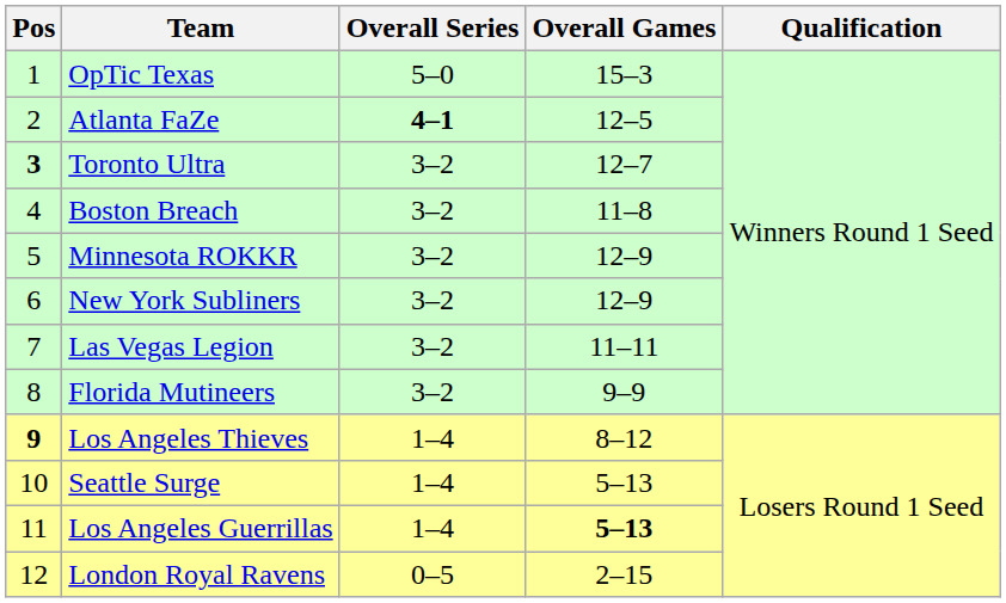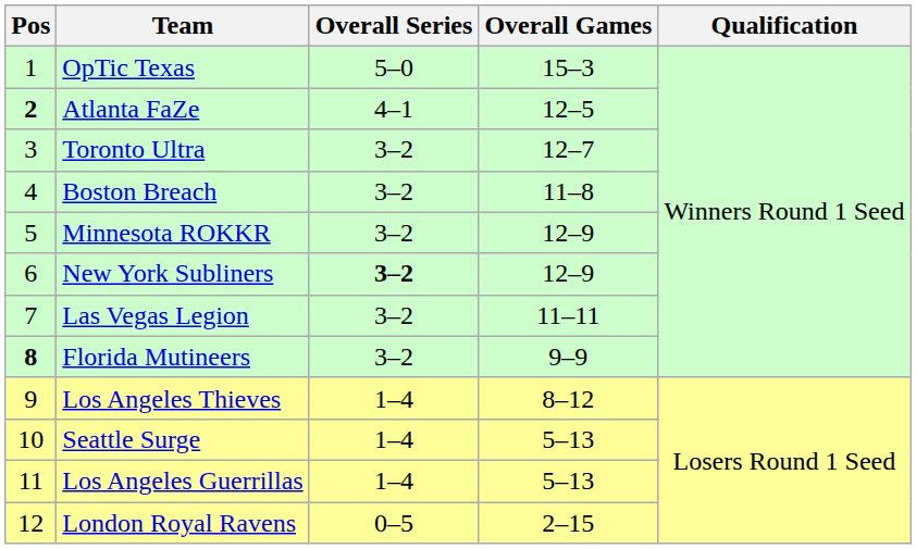 <table class="wikitable" style="text-align:center">
 <tr>
 <th>Pos</th>
 <th>Team</th>
 <th>Overall Series</th>
 <th>Overall Games</th>
 <th>Qualification</th>
 </tr>
 <tr style="background:#CCFFCC">
 <td>1</td>
 <td style="text-align:left"><a href='#'>OpTic Texas</a></td>
 <td>5–0</td>
 <td>15–3</td>
 <td rowspan="8">Winners Round 1 Seed</td>
 </tr>
 <tr style="background:#CCFFCC">
-<td>2</td>
+<td><strong>2</strong></td>
 <td style="text-align:left"><a href='#'>Atlanta FaZe</a></td>
-<td><strong>4–1</strong></td>
+<td>4–1</td>
 <td>12–5</td>
 </tr>
 <tr style="background:#CCFFCC">
-<td><strong>3</strong></td>
+<td>3</td>
 <td style="text-align:left"><a href='#'>Toronto Ultra</a></td>
 <td>3–2</td>
 <td>12–7</td>
 </tr>
 <tr style="background:#CCFFCC">
 <td>4</td>
 <td style="text-align:left"><a href='#'>Boston Breach</a></td>
 <td>3–2</td>
 <td>11–8</td>
 </tr>
 <tr style="background:#CCFFCC">
 <td>5</td>
 <td style="text-align:left"><a href='#'>Minnesota ROKKR</a></td>
 <td>3–2</td>
 <td>12–9</td>
 </tr>
 <tr style="background:#CCFFCC">
 <td>6</td>
 <td style="text-align:left"><a href='#'>New York Subliners</a></td>
-<td>3–2</td>
+<td><strong>3–2</strong></td>
 <td>12–9</td>
 </tr>
 <tr style="background:#CCFFCC">
 <td>7</td>
 <td style="text-align:left"><a href='#'>Las Vegas Legion</a></td>
 <td>3–2</td>
 <td>11–11</td>
 </tr>
 <tr style="background:#CCFFCC">
-<td>8</td>
+<td><strong>8</strong></td>
 <td style="text-align:left"><a href='#'>Florida Mutineers</a></td>
 <td>3–2</td>
 <td>9–9</td>
 </tr>
 <tr style="background:#FFFF99">
-<td><strong>9</strong></td>
+<td>9</td>
 <td style="text-align:left"><a href='#'>Los Angeles Thieves</a></td>
 <td>1–4</td>
 <td>8–12</td>
 <td rowspan="4">Losers Round 1 Seed</td>
 </tr>
 <tr style="background:#FFFF99">
 <td>10</td>
 <td style="text-align:left"><a href='#'>Seattle Surge</a></td>
 <td>1–4</td>
 <td>5–13</td>
 </tr>
 <tr style="background:#FFFF99">
 <td>11</td>
 <td style="text-align:left"><a href='#'>Los Angeles Guerrillas</a></td>
 <td>1–4</td>
-<td><strong>5–13</strong></td>
+<td>5–13</td>
 </tr>
 <tr style="background:#FFFF99">
 <td>12</td>
 <td style="text-align:left"><a href='#'>London Royal Ravens</a></td>
 <td>0–5</td>
 <td>2–15</td>
 </tr>
 </table>
